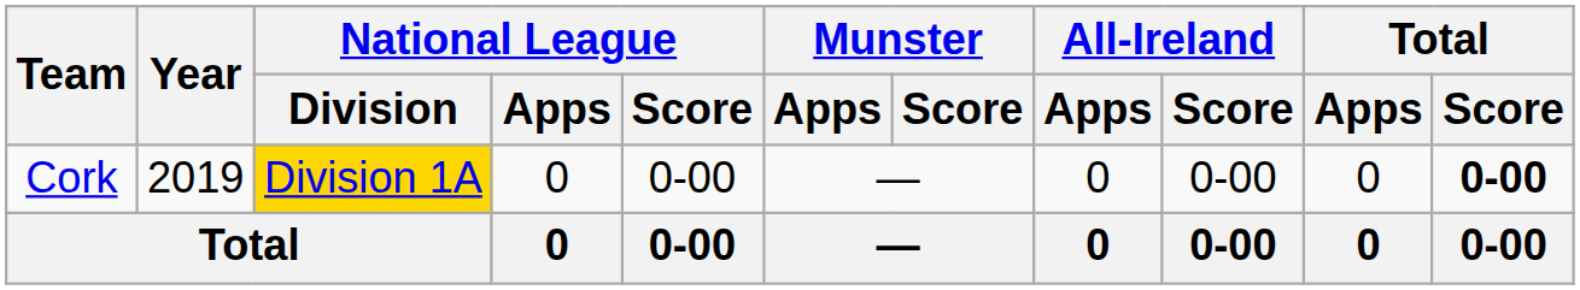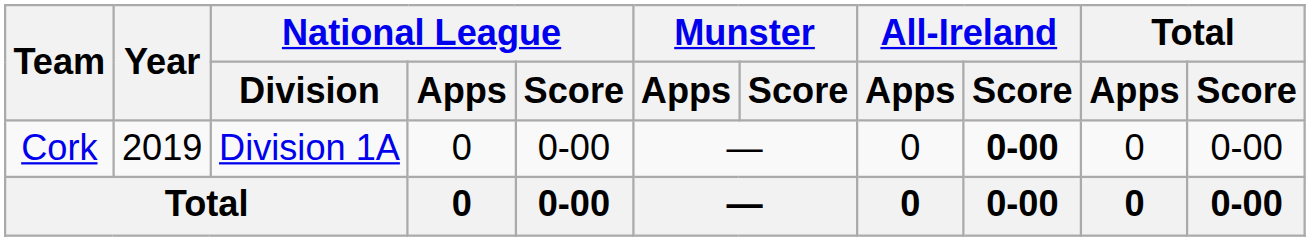 <table class="wikitable" style="text-align:center">
 <tr>
 <th rowspan="2">Team</th>
 <th rowspan="2">Year</th>
 <th colspan="3"><a href='#'>National League</a></th>
 <th colspan="2"><a href='#'>Munster</a></th>
 <th colspan="2"><a href='#'>All-Ireland</a></th>
 <th colspan="2">Total</th>
 </tr>
 <tr>
 <th>Division</th>
 <th>Apps</th>
 <th>Score</th>
 <th>Apps</th>
 <th>Score</th>
 <th>Apps</th>
 <th>Score</th>
 <th>Apps</th>
 <th>Score</th>
 </tr>
 <tr>
 <td rowspan="1"><a href='#'>Cork</a></td>
 <td>2019</td>
-<td rowspan="1" style="background: gold;"><a href='#'>Division 1A</a></td>
+<td rowspan="1"><a href='#'>Division 1A</a></td>
 <td>0</td>
 <td>0-00</td>
 <td colspan=2>—</td>
 <td>0</td>
+<td><strong>0-00</strong></td>
+<td>0</td>
 <td>0-00</td>
-<td>0</td>
-<td><strong>0-00</strong></td>
 </tr>
 <tr>
 <th colspan="3">Total</th>
 <th>0</th>
 <th>0-00</th>
 <th colspan=2>—</th>
 <th>0</th>
 <th>0-00</th>
 <th>0</th>
 <th>0-00</th>
 </tr>
 </table>
